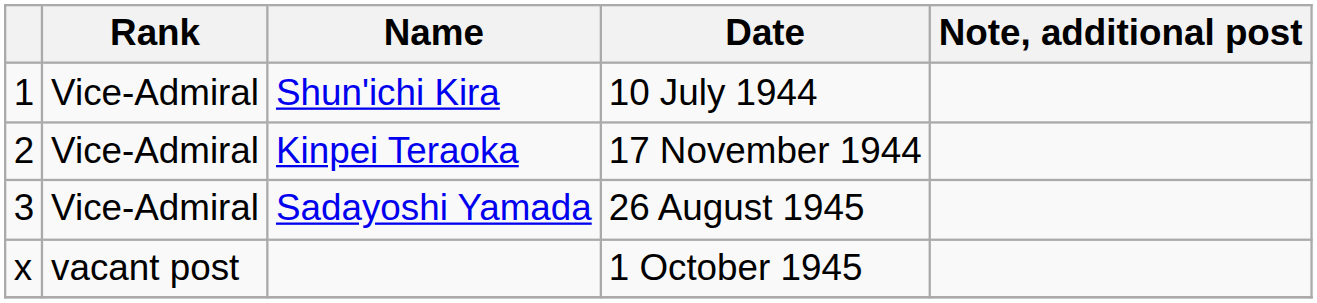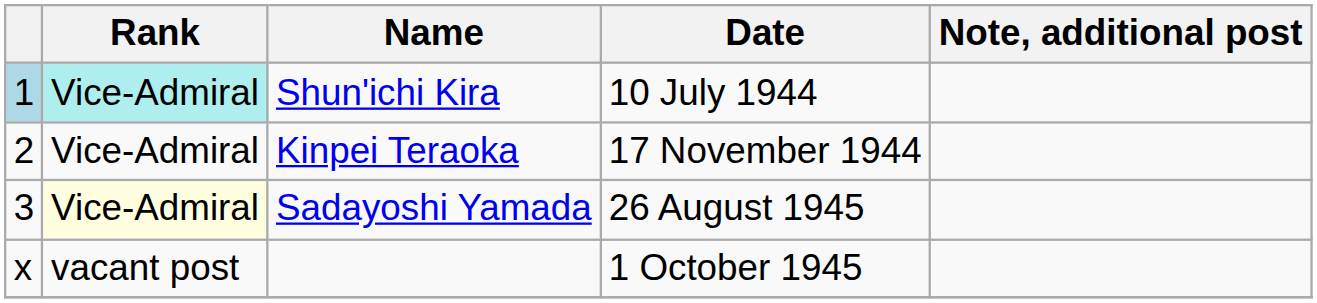 <table class=wikitable>
 <tr>
 <th></th>
 <th>Rank</th>
 <th>Name</th>
 <th>Date</th>
 <th>Note, additional post</th>
 </tr>
 <tr>
-<td>1</td>
-<td>Vice-Admiral</td>
+<td style="background: lightblue;">1</td>
+<td style="background: paleturquoise;">Vice-Admiral</td>
 <td><a href='#'>Shun'ichi Kira</a></td>
 <td>10 July 1944</td>
 <td></td>
 </tr>
 <tr>
 <td>2</td>
 <td>Vice-Admiral</td>
 <td><a href='#'>Kinpei Teraoka</a></td>
 <td>17 November 1944</td>
 <td></td>
 </tr>
 <tr>
 <td>3</td>
-<td>Vice-Admiral</td>
+<td style="background: lightyellow;">Vice-Admiral</td>
 <td><a href='#'>Sadayoshi Yamada</a></td>
 <td>26 August 1945</td>
 <td></td>
 </tr>
 <tr>
 <td>x</td>
 <td>vacant post</td>
 <td></td>
 <td>1 October 1945</td>
 <td></td>
 </tr>
 <tr>
 </tr>
 </table>
